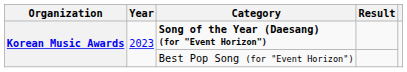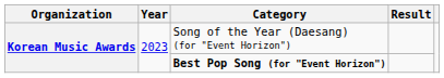 <table class="wikitable plainrowheaders sortable">
 <tr>
 <th scope="col">Organization</th>
 <th scope="col">Year</th>
 <th scope="col">Category</th>
 <th scope="col">Result</th>
 <th scope="col" class="unsortable"></th>
 </tr>
 <tr>
 <th scope="row" rowspan="2"><a href='#'>Korean Music Awards</a></th>
 <td style="text-align:center" rowspan="2"><a href='#'>2023</a></td>
-<td><strong>Song of the Year (Daesang) <br><small>(for "Event Horizon")</small></strong></td>
+<td>Song of the Year (Daesang) <br><small>(for "Event Horizon")</small></td>
 <td></td>
 <td rowspan="2" style="text-align:center"></td>
 </tr>
 <tr>
-<td>Best Pop Song <small>(for "Event Horizon")</small></td>
+<td><strong>Best Pop Song <small>(for "Event Horizon")</small></strong></td>
 <td></td>
 </tr>
 </table>
